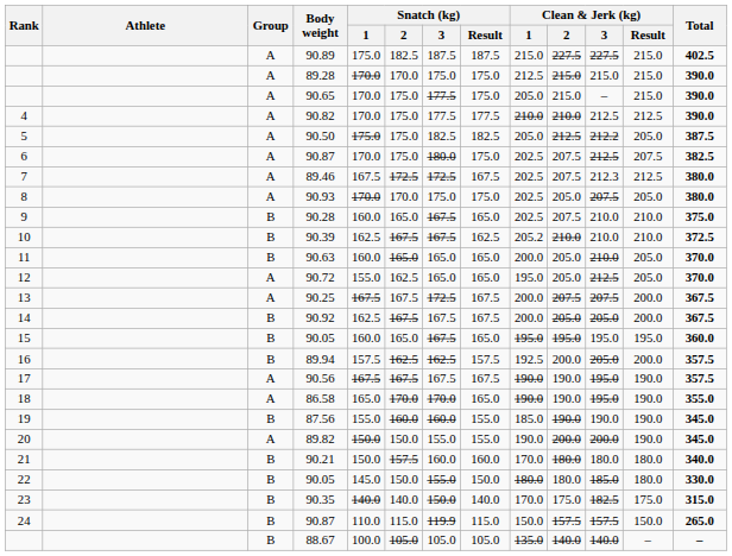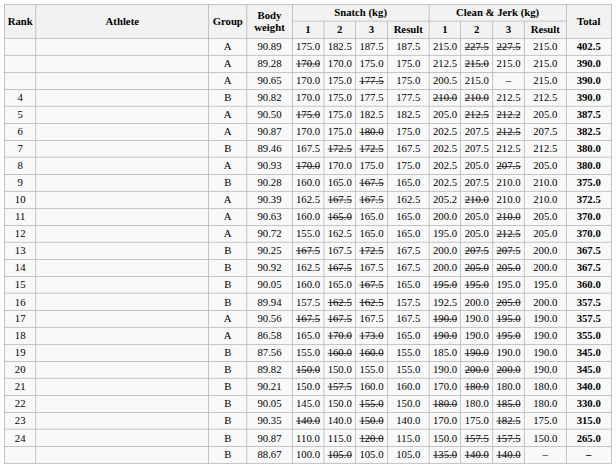 <table class="wikitable" style=" text-align:center;">
 <tr>
 <th rowspan=2 width=40>Rank</th>
 <th rowspan=2 width=250>Athlete</th>
 <th rowspan=2 width=50>Group</th>
 <th rowspan=2 width=60>Body weight</th>
 <th colspan=4>Snatch (kg)</th>
 <th colspan=4>Clean & Jerk (kg)</th>
 <th rowspan=2 width=60>Total</th>
 </tr>
 <tr>
 <th width=40>1</th>
 <th width=40>2</th>
 <th width=40>3</th>
 <th width=55>Result</th>
 <th width=40>1</th>
 <th width=40>2</th>
 <th width=40>3</th>
 <th width=55>Result</th>
 </tr>
 <tr>
 <td></td>
 <td align=left></td>
 <td>A</td>
 <td>90.89</td>
 <td>175.0</td>
 <td>182.5</td>
 <td>187.5</td>
 <td>187.5</td>
 <td>215.0</td>
 <td><s>227.5</s></td>
 <td><s>227.5</s></td>
 <td>215.0</td>
 <td><strong>402.5</strong></td>
 </tr>
 <tr>
 <td></td>
 <td align=left></td>
 <td>A</td>
 <td>89.28</td>
 <td><s>170.0</s></td>
 <td>170.0</td>
 <td>175.0</td>
 <td>175.0</td>
 <td>212.5</td>
 <td><s>215.0</s></td>
 <td>215.0</td>
 <td>215.0</td>
 <td><strong>390.0</strong></td>
 </tr>
 <tr>
 <td></td>
 <td align=left></td>
 <td>A</td>
 <td>90.65</td>
 <td>170.0</td>
 <td>175.0</td>
 <td><s>177.5</s></td>
 <td>175.0</td>
-<td>205.0</td>
+<td>200.5</td>
 <td>215.0</td>
 <td>–</td>
 <td>215.0</td>
 <td><strong>390.0</strong></td>
 </tr>
 <tr>
 <td>4</td>
 <td align=left></td>
-<td>A</td>
+<td>B</td>
 <td>90.82</td>
 <td>170.0</td>
 <td>175.0</td>
 <td>177.5</td>
 <td>177.5</td>
 <td><s>210.0</s></td>
 <td><s>210.0</s></td>
 <td>212.5</td>
 <td>212.5</td>
 <td><strong>390.0</strong></td>
 </tr>
 <tr>
 <td>5</td>
 <td align=left></td>
 <td>A</td>
 <td>90.50</td>
 <td><s>175.0</s></td>
 <td>175.0</td>
 <td>182.5</td>
 <td>182.5</td>
 <td>205.0</td>
 <td><s>212.5</s></td>
 <td><s>212.2</s></td>
 <td>205.0</td>
 <td><strong>387.5</strong></td>
 </tr>
 <tr>
 <td>6</td>
 <td align=left></td>
 <td>A</td>
 <td>90.87</td>
 <td>170.0</td>
 <td>175.0</td>
 <td><s>180.0</s></td>
 <td>175.0</td>
 <td>202.5</td>
 <td>207.5</td>
 <td><s>212.5</s></td>
 <td>207.5</td>
 <td><strong>382.5</strong></td>
 </tr>
 <tr>
 <td>7</td>
 <td align=left></td>
-<td>A</td>
+<td>B</td>
 <td>89.46</td>
 <td>167.5</td>
 <td><s>172.5</s></td>
 <td><s>172.5</s></td>
 <td>167.5</td>
 <td>202.5</td>
 <td>207.5</td>
-<td>212.3</td>
+<td>212.5</td>
 <td>212.5</td>
 <td><strong>380.0</strong></td>
 </tr>
 <tr>
 <td>8</td>
 <td align=left></td>
 <td>A</td>
 <td>90.93</td>
 <td><s>170.0</s></td>
 <td>170.0</td>
 <td>175.0</td>
 <td>175.0</td>
 <td>202.5</td>
 <td>205.0</td>
 <td><s>207.5</s></td>
 <td>205.0</td>
 <td><strong>380.0</strong></td>
 </tr>
 <tr>
 <td>9</td>
 <td align=left></td>
 <td>B</td>
 <td>90.28</td>
 <td>160.0</td>
 <td>165.0</td>
 <td><s>167.5</s></td>
 <td>165.0</td>
 <td>202.5</td>
 <td>207.5</td>
 <td>210.0</td>
 <td>210.0</td>
 <td><strong>375.0</strong></td>
 </tr>
 <tr>
 <td>10</td>
 <td align=left></td>
-<td>B</td>
+<td>A</td>
 <td>90.39</td>
 <td>162.5</td>
 <td><s>167.5</s></td>
 <td><s>167.5</s></td>
 <td>162.5</td>
 <td>205.2</td>
 <td><s>210.0</s></td>
 <td>210.0</td>
 <td>210.0</td>
 <td><strong>372.5</strong></td>
 </tr>
 <tr>
 <td>11</td>
 <td align=left></td>
-<td>B</td>
+<td>A</td>
 <td>90.63</td>
 <td>160.0</td>
 <td><s>165.0</s></td>
 <td>165.0</td>
 <td>165.0</td>
 <td>200.0</td>
 <td>205.0</td>
 <td><s>210.0</s></td>
 <td>205.0</td>
 <td><strong>370.0</strong></td>
 </tr>
 <tr>
 <td>12</td>
 <td align=left></td>
 <td>A</td>
 <td>90.72</td>
 <td>155.0</td>
 <td>162.5</td>
 <td>165.0</td>
 <td>165.0</td>
 <td>195.0</td>
 <td>205.0</td>
 <td><s>212.5</s></td>
 <td>205.0</td>
 <td><strong>370.0</strong></td>
 </tr>
 <tr>
 <td>13</td>
 <td align=left></td>
-<td>A</td>
+<td>B</td>
 <td>90.25</td>
 <td><s>167.5</s></td>
 <td>167.5</td>
 <td><s>172.5</s></td>
 <td>167.5</td>
 <td>200.0</td>
 <td><s>207.5</s></td>
 <td><s>207.5</s></td>
 <td>200.0</td>
 <td><strong>367.5</strong></td>
 </tr>
 <tr>
 <td>14</td>
 <td align=left></td>
 <td>B</td>
 <td>90.92</td>
 <td>162.5</td>
 <td><s>167.5</s></td>
 <td>167.5</td>
 <td>167.5</td>
 <td>200.0</td>
 <td><s>205.0</s></td>
 <td><s>205.0</s></td>
 <td>200.0</td>
 <td><strong>367.5</strong></td>
 </tr>
 <tr>
 <td>15</td>
 <td align=left></td>
 <td>B</td>
 <td>90.05</td>
 <td>160.0</td>
 <td>165.0</td>
 <td><s>167.5</s></td>
 <td>165.0</td>
 <td><s>195.0</s></td>
 <td><s>195.0</s></td>
 <td>195.0</td>
 <td>195.0</td>
 <td><strong>360.0</strong></td>
 </tr>
 <tr>
 <td>16</td>
 <td align=left></td>
 <td>B</td>
 <td>89.94</td>
 <td>157.5</td>
 <td><s>162.5</s></td>
 <td><s>162.5</s></td>
 <td>157.5</td>
 <td>192.5</td>
 <td>200.0</td>
 <td><s>205.0</s></td>
 <td>200.0</td>
 <td><strong>357.5</strong></td>
 </tr>
 <tr>
 <td>17</td>
 <td align=left></td>
 <td>A</td>
 <td>90.56</td>
 <td><s>167.5</s></td>
 <td><s>167.5</s></td>
 <td>167.5</td>
 <td>167.5</td>
 <td><s>190.0</s></td>
 <td>190.0</td>
 <td><s>195.0</s></td>
 <td>190.0</td>
 <td><strong>357.5</strong></td>
 </tr>
 <tr>
 <td>18</td>
 <td align="left"></td>
 <td>A</td>
 <td>86.58</td>
 <td>165.0</td>
 <td><s>170.0</s></td>
-<td><s>170.0</s></td>
+<td><s>173.0</s></td>
 <td>165.0</td>
 <td><s>190.0</s></td>
 <td>190.0</td>
 <td><s>195.0</s></td>
 <td>190.0</td>
 <td><strong>355.0</strong></td>
 </tr>
 <tr>
 <td>19</td>
 <td align="left"></td>
 <td>B</td>
 <td>87.56</td>
 <td>155.0</td>
 <td><s>160.0</s></td>
 <td><s>160.0</s></td>
 <td>155.0</td>
 <td>185.0</td>
 <td><s>190.0</s></td>
 <td>190.0</td>
 <td>190.0</td>
 <td><strong>345.0</strong></td>
 </tr>
 <tr>
 <td>20</td>
 <td align="left"></td>
-<td>A</td>
+<td>B</td>
 <td>89.82</td>
 <td><s>150.0</s></td>
 <td>150.0</td>
 <td>155.0</td>
 <td>155.0</td>
 <td>190.0</td>
 <td><s>200.0</s></td>
 <td><s>200.0</s></td>
 <td>190.0</td>
 <td><strong>345.0</strong></td>
 </tr>
 <tr>
 <td>21</td>
 <td align="left"></td>
 <td>B</td>
 <td>90.21</td>
 <td>150.0</td>
 <td><s>157.5</s></td>
 <td>160.0</td>
 <td>160.0</td>
 <td>170.0</td>
 <td><s>180.0</s></td>
 <td>180.0</td>
 <td>180.0</td>
 <td><strong>340.0</strong></td>
 </tr>
 <tr>
 <td>22</td>
 <td align="left"></td>
 <td>B</td>
 <td>90.05</td>
 <td>145.0</td>
 <td>150.0</td>
 <td><s>155.0</s></td>
 <td>150.0</td>
 <td><s>180.0</s></td>
 <td>180.0</td>
 <td><s>185.0</s></td>
 <td>180.0</td>
 <td><strong>330.0</strong></td>
 </tr>
 <tr>
 <td>23</td>
 <td align="left"></td>
 <td>B</td>
 <td>90.35</td>
 <td><s>140.0</s></td>
 <td>140.0</td>
 <td><s>150.0</s></td>
 <td>140.0</td>
 <td>170.0</td>
 <td>175.0</td>
 <td><s>182.5</s></td>
 <td>175.0</td>
 <td><strong>315.0</strong></td>
 </tr>
 <tr>
 <td>24</td>
 <td align="left"></td>
 <td>B</td>
 <td>90.87</td>
 <td>110.0</td>
 <td>115.0</td>
-<td><s>119.9</s></td>
+<td><s>120.0</s></td>
 <td>115.0</td>
 <td>150.0</td>
 <td><s>157.5</s></td>
 <td><s>157.5</s></td>
 <td>150.0</td>
 <td><strong>265.0</strong></td>
 </tr>
 <tr>
 <td></td>
 <td align="left"></td>
 <td>B</td>
 <td>88.67</td>
 <td>100.0</td>
 <td><s>105.0</s></td>
 <td>105.0</td>
 <td>105.0</td>
 <td><s>135.0</s></td>
 <td><s>140.0</s></td>
 <td><s>140.0</s></td>
 <td>–</td>
 <td><strong>–</strong></td>
 </tr>
 </table>
